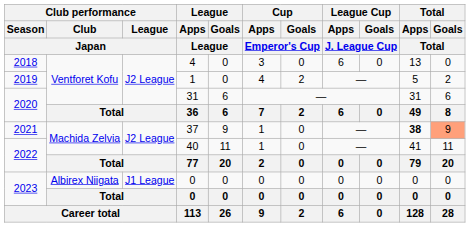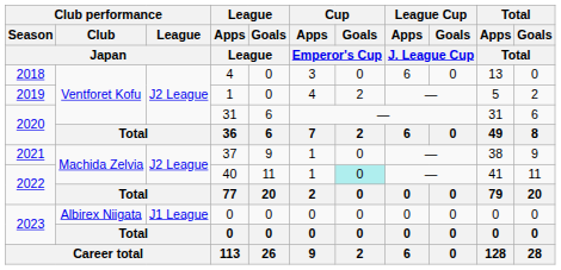 <table class="wikitable" style="text-align:center;">
 <tr>
 <th colspan=3>Club performance</th>
 <th colspan=2>League</th>
 <th colspan=2>Cup</th>
 <th colspan=2>League Cup</th>
 <th colspan=2>Total</th>
 </tr>
 <tr>
 <th>Season</th>
 <th>Club</th>
 <th>League</th>
 <th>Apps</th>
 <th>Goals</th>
 <th>Apps</th>
 <th>Goals</th>
 <th>Apps</th>
 <th>Goals</th>
 <th>Apps</th>
 <th>Goals</th>
 </tr>
 <tr>
 <th colspan=3>Japan</th>
 <th colspan=2>League</th>
 <th colspan=2><a href='#'>Emperor's Cup</a></th>
 <th colspan=2><a href='#'>J. League Cup</a></th>
 <th colspan=2>Total</th>
 </tr>
 <tr>
 <td><a href='#'>2018</a></td>
 <td rowspan="3"><a href='#'>Ventforet Kofu</a></td>
 <td rowspan="3"><a href='#'>J2 League</a></td>
 <td>4</td>
 <td>0</td>
 <td>3</td>
 <td>0</td>
 <td>6</td>
 <td>0</td>
 <td>13</td>
 <td>0</td>
 </tr>
 <tr>
 <td><a href='#'>2019</a></td>
 <td>1</td>
 <td>0</td>
 <td>4</td>
 <td>2</td>
 <td colspan="2">—</td>
 <td>5</td>
 <td>2</td>
 </tr>
 <tr>
 <td rowspan="2"><a href='#'>2020</a></td>
 <td>31</td>
 <td>6</td>
 <td colspan="4">—</td>
 <td>31</td>
 <td>6</td>
 </tr>
 <tr>
 <th colspan=2>Total</th>
 <th>36</th>
 <th>6</th>
 <th>7</th>
 <th>2</th>
 <th>6</th>
 <th>0</th>
 <th>49</th>
 <th>8</th>
 </tr>
 <tr>
 <td><a href='#'>2021</a></td>
 <td rowspan="2"><a href='#'>Machida Zelvia</a></td>
 <td rowspan="2"><a href='#'>J2 League</a></td>
 <td>37</td>
 <td>9</td>
 <td>1</td>
 <td>0</td>
 <td colspan="2">—</td>
-<td><strong>38</strong></td>
-<td style="background: lightsalmon;">9</td>
+<td>38</td>
+<td>9</td>
 </tr>
 <tr>
 <td rowspan="2"><a href='#'>2022</a></td>
 <td>40</td>
 <td>11</td>
 <td>1</td>
-<td>0</td>
+<td style="background: paleturquoise;">0</td>
 <td colspan="2">—</td>
 <td>41</td>
 <td>11</td>
 </tr>
 <tr>
 <th colspan=2>Total</th>
 <th>77</th>
 <th>20</th>
 <th>2</th>
 <th>0</th>
 <th>0</th>
 <th>0</th>
 <th>79</th>
 <th>20</th>
 </tr>
 <tr>
 <td rowspan="2"><a href='#'>2023</a></td>
 <td><a href='#'>Albirex Niigata</a></td>
 <td><a href='#'>J1 League</a></td>
 <td>0</td>
 <td>0</td>
 <td>0</td>
 <td>0</td>
 <td>0</td>
 <td>0</td>
 <td>0</td>
 <td>0</td>
 </tr>
 <tr>
 <th colspan=2>Total</th>
 <th>0</th>
 <th>0</th>
 <th>0</th>
 <th>0</th>
 <th>0</th>
 <th>0</th>
 <th>0</th>
 <th>0</th>
 </tr>
 <tr>
 <th colspan=3>Career total</th>
 <th>113</th>
 <th>26</th>
 <th>9</th>
 <th>2</th>
 <th>6</th>
 <th>0</th>
 <th>128</th>
 <th>28</th>
 </tr>
 </table>
